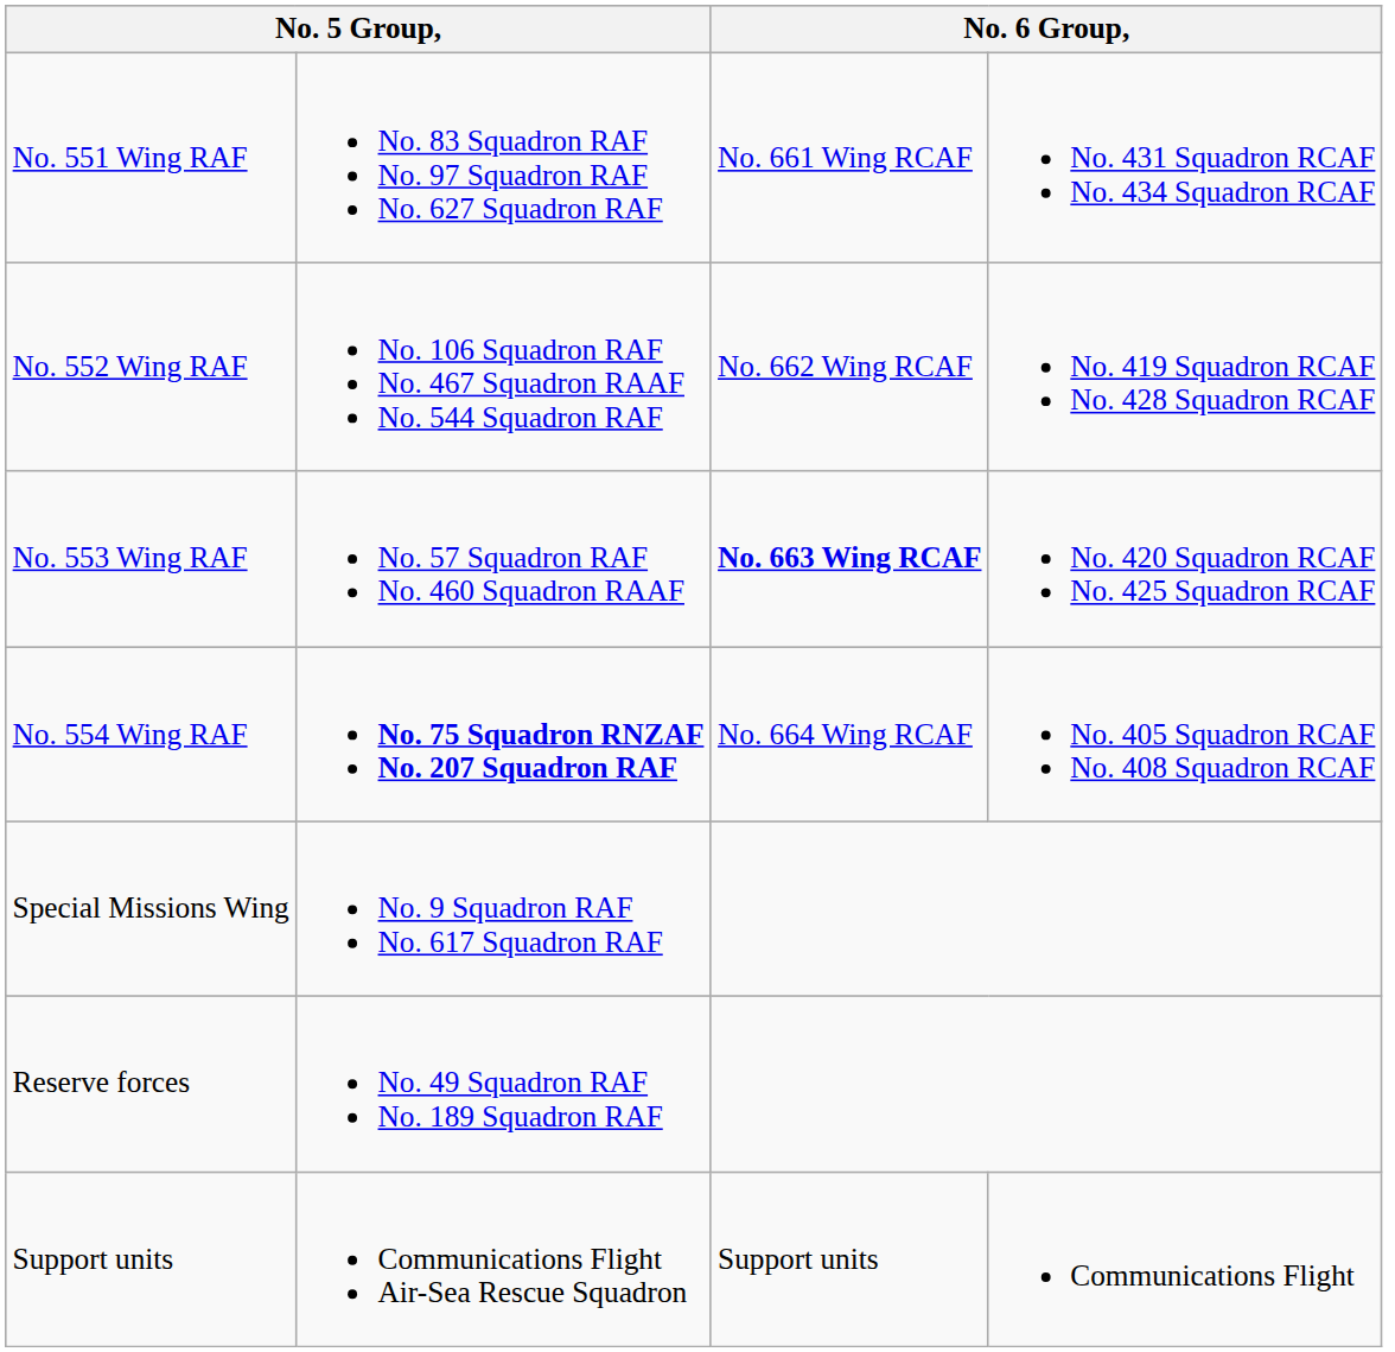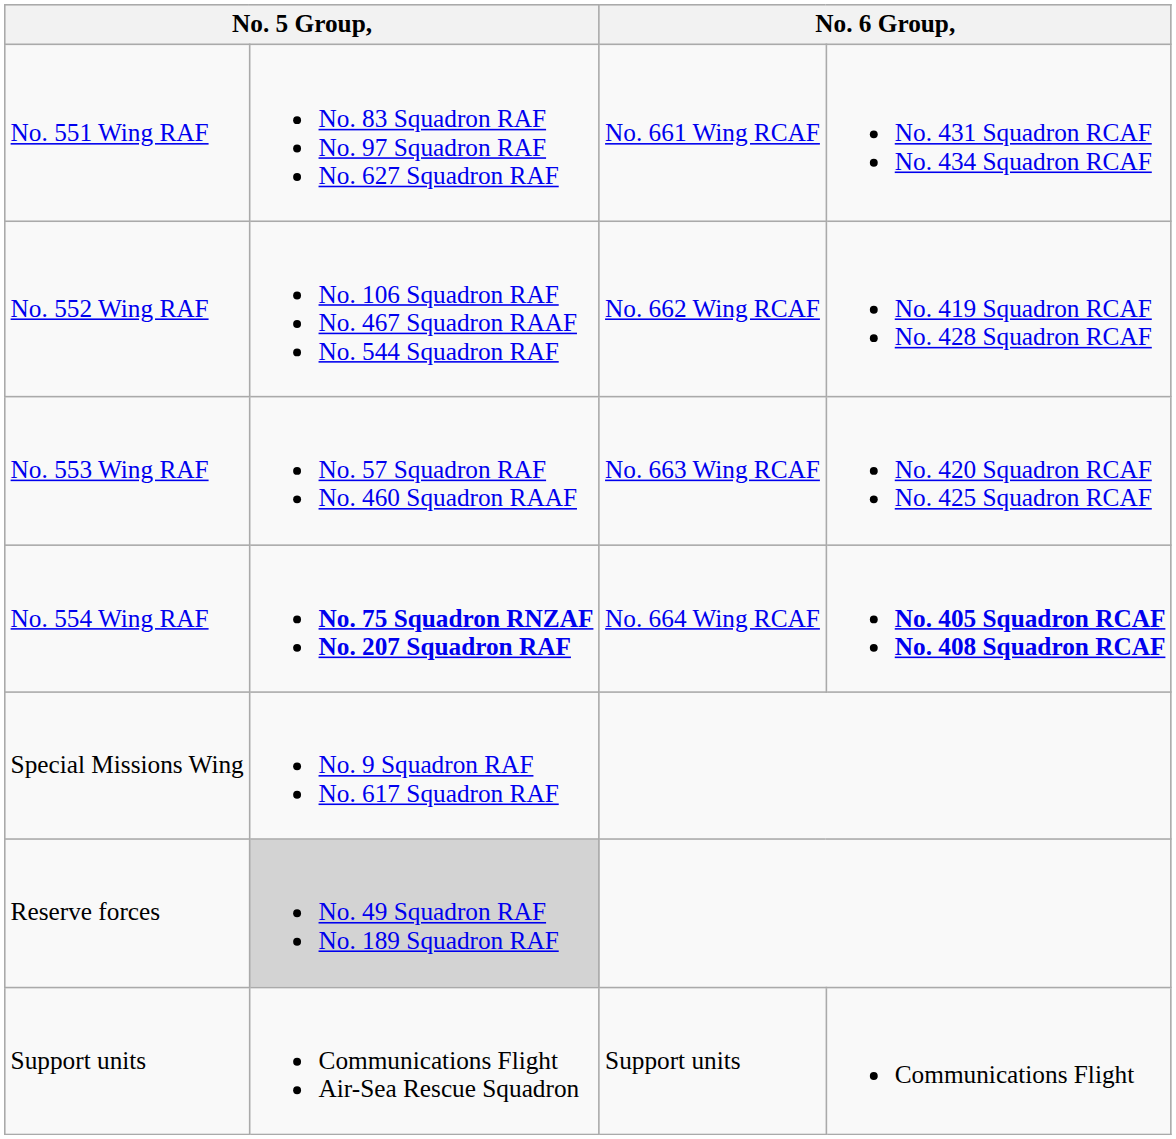 <table class="wikitable">
 <tr>
 <th colspan="2">No. 5 Group, </th>
 <th colspan="2">No. 6 Group, </th>
 </tr>
 <tr>
 <td><a href='#'>No. 551 Wing RAF</a></td>
 <td><br><ul><li><a href='#'>No. 83 Squadron RAF</a></li><li><a href='#'>No. 97 Squadron RAF</a></li><li><a href='#'>No. 627 Squadron RAF</a></li></ul></td>
 <td><a href='#'>No. 661 Wing RCAF</a></td>
 <td><br><ul><li><a href='#'>No. 431 Squadron RCAF</a></li><li><a href='#'>No. 434 Squadron RCAF</a></li></ul></td>
 </tr>
 <tr>
 <td><a href='#'>No. 552 Wing RAF</a></td>
 <td><br><ul><li><a href='#'>No. 106 Squadron RAF</a></li><li><a href='#'>No. 467 Squadron RAAF</a></li><li><a href='#'>No. 544 Squadron RAF</a></li></ul></td>
 <td><a href='#'>No. 662 Wing RCAF</a></td>
 <td><br><ul><li><a href='#'>No. 419 Squadron RCAF</a></li><li><a href='#'>No. 428 Squadron RCAF</a></li></ul></td>
 </tr>
 <tr>
 <td><a href='#'>No. 553 Wing RAF</a></td>
 <td><br><ul><li><a href='#'>No. 57 Squadron RAF</a></li><li><a href='#'>No. 460 Squadron RAAF</a></li></ul></td>
-<td><strong><a href='#'>No. 663 Wing RCAF</a></strong></td>
+<td><a href='#'>No. 663 Wing RCAF</a></td>
 <td><br><ul><li><a href='#'>No. 420 Squadron RCAF</a></li><li><a href='#'>No. 425 Squadron RCAF</a></li></ul></td>
 </tr>
 <tr>
 <td><a href='#'>No. 554 Wing RAF</a></td>
 <td><strong><br><ul><li><a href='#'>No. 75 Squadron RNZAF</a></li><li><a href='#'>No. 207 Squadron RAF</a></li></ul></strong></td>
 <td><a href='#'>No. 664 Wing RCAF</a></td>
-<td><br><ul><li><a href='#'>No. 405 Squadron RCAF</a></li><li><a href='#'>No. 408 Squadron RCAF</a></li></ul></td>
+<td><strong><br><ul><li><a href='#'>No. 405 Squadron RCAF</a></li><li><a href='#'>No. 408 Squadron RCAF</a></li></ul></strong></td>
 </tr>
 <tr>
 <td>Special Missions Wing</td>
 <td><br><ul><li><a href='#'>No. 9 Squadron RAF</a></li><li><a href='#'>No. 617 Squadron RAF</a></li></ul></td>
 <td colspan="2"></td>
 </tr>
 <tr>
 <td>Reserve forces</td>
-<td><br><ul><li><a href='#'>No. 49 Squadron RAF</a></li><li><a href='#'>No. 189 Squadron RAF</a></li></ul></td>
+<td style="background: lightgrey;"><br><ul><li><a href='#'>No. 49 Squadron RAF</a></li><li><a href='#'>No. 189 Squadron RAF</a></li></ul></td>
 <td colspan="2"></td>
 </tr>
 <tr>
 <td>Support units</td>
 <td><br><ul><li>Communications Flight</li><li>Air-Sea Rescue Squadron</li></ul></td>
 <td>Support units</td>
 <td><br><ul><li>Communications Flight</li></ul></td>
 </tr>
 </table>
